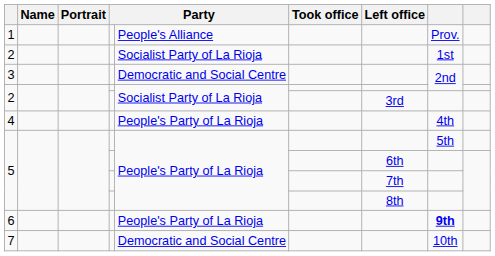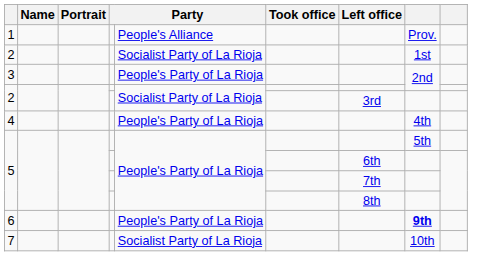 <table class="wikitable plainrowheaders sortable" style="font-size:90%; text-align:left;">
 <tr>
 <th scope=col></th>
 <th scope=col>Name</th>
 <th scope=col class=unsortable>Portrait</th>
 <th scope=col colspan="2">Party</th>
 <th scope=col>Took office</th>
 <th scope=col>Left office</th>
 <th scope=col></th>
 <th scope=col width=25px class=unsortable></th>
 </tr>
 <tr>
 <td>1</td>
 <td style="white-space: nowrap;"></td>
 <td align=center></td>
 <td !align="center" style="background:"></td>
 <td><a href='#'>People's Alliance</a></td>
 <td align=center></td>
 <td align=center></td>
 <td align=center><a href='#'>Prov.</a></td>
 <td align=center></td>
 </tr>
 <tr>
 <td>2</td>
 <td style="white-space: nowrap;"></td>
 <td align=center></td>
 <td !align="center" style="background:"></td>
 <td><a href='#'>Socialist Party of La Rioja</a></td>
 <td align=center></td>
 <td align=center></td>
 <td align=center><a href='#'>1st</a></td>
 <td align=center></td>
 </tr>
 <tr>
 <td>3</td>
 <td style="white-space: nowrap;"></td>
 <td align=center></td>
 <td !align="center" style="background:"></td>
-<td><a href='#'>Democratic and Social Centre</a></td>
+<td><a href='#'>People's Party of La Rioja</a></td>
 <td align=center></td>
 <td align=center></td>
 <td align=center rowspan=2><a href='#'>2nd</a></td>
 <td align=center></td>
 </tr>
 <tr>
 <td rowspan=2>2</td>
 <td style="white-space: nowrap;" rowspan=2></td>
 <td align=center rowspan=2></td>
 <td !align="center" style="background:"></td>
 <td rowspan=2><a href='#'>Socialist Party of La Rioja</a></td>
 <td align=center></td>
 <td align=center></td>
 <td align=center></td>
 </tr>
 <tr>
 <td align=center></td>
 <td align=center></td>
 <td align=center><a href='#'>3rd</a></td>
 <td align=center></td>
 </tr>
 <tr>
 <td>4</td>
 <td style="white-space: nowrap;"></td>
 <td align=center></td>
 <td !align="center" style="background:"></td>
 <td><a href='#'>People's Party of La Rioja</a></td>
 <td align=center></td>
 <td align=center></td>
 <td align=center><a href='#'>4th</a></td>
 <td align=center></td>
 </tr>
 <tr>
 <td rowspan=4>5</td>
 <td style="white-space: nowrap;" rowspan=4></td>
 <td align=center rowspan=4></td>
 <td !align="center" style="background:"></td>
 <td rowspan=4><a href='#'>People's Party of La Rioja</a></td>
 <td align=center></td>
 <td align=center></td>
 <td align=center><a href='#'>5th</a></td>
 <td align=center></td>
 </tr>
 <tr>
 <td align=center></td>
 <td align=center></td>
 <td align=center><a href='#'>6th</a></td>
 <td align=center></td>
 </tr>
 <tr>
 <td align=center></td>
 <td align=center></td>
 <td align=center><a href='#'>7th</a></td>
 <td align=center></td>
 </tr>
 <tr>
 <td align=center></td>
 <td align=center></td>
 <td align=center><a href='#'>8th</a></td>
 <td align=center></td>
 </tr>
 <tr>
 <td>6</td>
 <td style="white-space: nowrap;"></td>
 <td align=center></td>
 <td !align="center" style="background:"></td>
 <td><a href='#'>People's Party of La Rioja</a></td>
 <td align=center></td>
 <td align=center></td>
 <td align=center><strong><a href='#'>9th</a></strong></td>
 <td align=center></td>
 </tr>
 <tr>
 <td>7</td>
 <td style="white-space: nowrap;"></td>
 <td align=center></td>
 <td !align="center" style="background:"></td>
-<td><a href='#'>Democratic and Social Centre</a></td>
+<td><a href='#'>Socialist Party of La Rioja</a></td>
 <td align=center></td>
 <td align=center></td>
 <td align=center><a href='#'>10th</a></td>
 <td align=center></td>
 </tr>
 </table>
